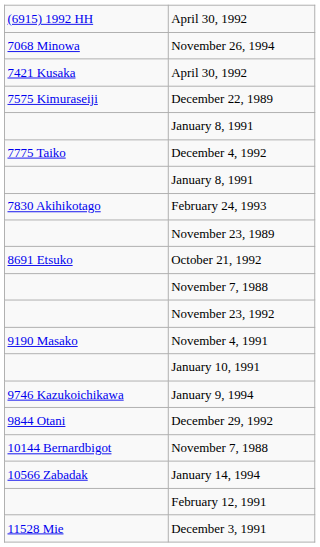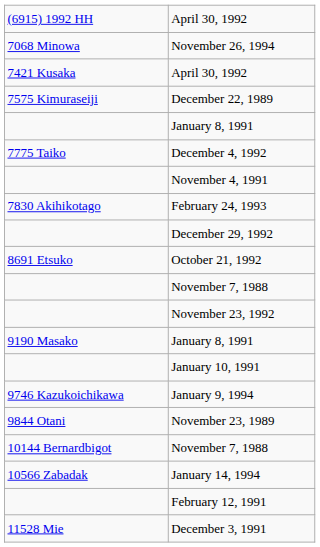 <table class="wikitable" style="font-size: 89%; float: left; width: 24em; margin-right: 1em; line-height: 1.6em !important;">
 <tr>
 <td><a href='#'>(6915) 1992 HH</a></td>
 <td>April 30, 1992</td>
 </tr>
 <tr>
 <td><a href='#'>7068 Minowa</a></td>
 <td>November 26, 1994</td>
 </tr>
 <tr>
 <td><a href='#'>7421 Kusaka</a></td>
 <td>April 30, 1992</td>
 </tr>
 <tr>
 <td><a href='#'>7575 Kimuraseiji</a></td>
 <td>December 22, 1989</td>
 </tr>
 <tr>
 <td></td>
 <td>January 8, 1991</td>
 </tr>
 <tr>
 <td><a href='#'>7775 Taiko</a></td>
 <td>December 4, 1992</td>
 </tr>
 <tr>
 <td></td>
-<td>January 8, 1991</td>
+<td>November 4, 1991</td>
 </tr>
 <tr>
 <td><a href='#'>7830 Akihikotago</a></td>
 <td>February 24, 1993</td>
 </tr>
 <tr>
 <td></td>
-<td>November 23, 1989</td>
+<td>December 29, 1992</td>
 </tr>
 <tr>
 <td><a href='#'>8691 Etsuko</a></td>
 <td>October 21, 1992</td>
 </tr>
 <tr>
 <td></td>
 <td>November 7, 1988</td>
 </tr>
 <tr>
 <td></td>
 <td>November 23, 1992</td>
 </tr>
 <tr>
 <td><a href='#'>9190 Masako</a></td>
-<td>November 4, 1991</td>
+<td>January 8, 1991</td>
 </tr>
 <tr>
 <td></td>
 <td>January 10, 1991</td>
 </tr>
 <tr>
 <td><a href='#'>9746 Kazukoichikawa</a></td>
 <td>January 9, 1994</td>
 </tr>
 <tr>
 <td><a href='#'>9844 Otani</a></td>
-<td>December 29, 1992</td>
+<td>November 23, 1989</td>
 </tr>
 <tr>
 <td><a href='#'>10144 Bernardbigot</a></td>
 <td>November 7, 1988</td>
 </tr>
 <tr>
 <td><a href='#'>10566 Zabadak</a></td>
 <td>January 14, 1994</td>
 </tr>
 <tr>
 <td></td>
 <td>February 12, 1991</td>
 </tr>
 <tr>
 <td><a href='#'>11528 Mie</a></td>
 <td>December 3, 1991</td>
 </tr>
 </table>
